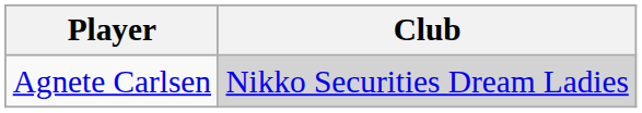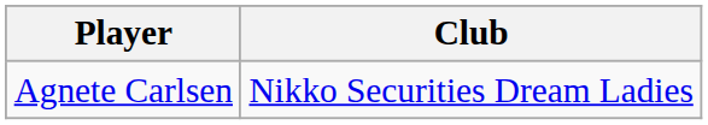 <table class="wikitable">
 <tr>
 <th>Player</th>
 <th>Club</th>
 </tr>
 <tr>
 <td> <a href='#'>Agnete Carlsen</a></td>
-<td style="background: lightgrey;"><a href='#'>Nikko Securities Dream Ladies</a></td>
+<td><a href='#'>Nikko Securities Dream Ladies</a></td>
 </tr>
 </table>
